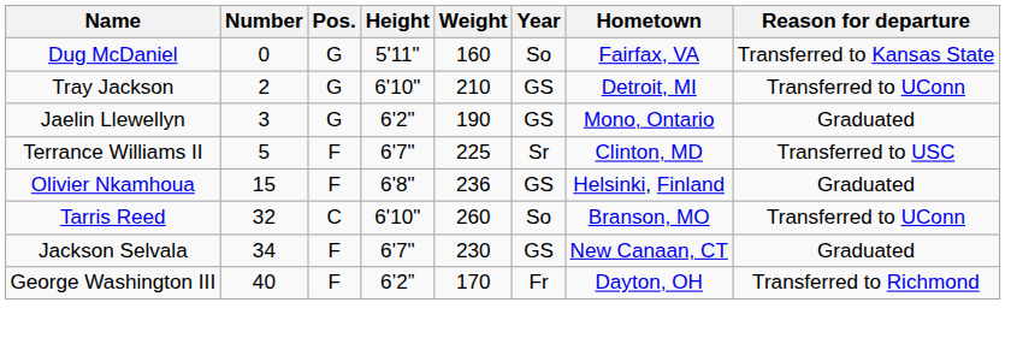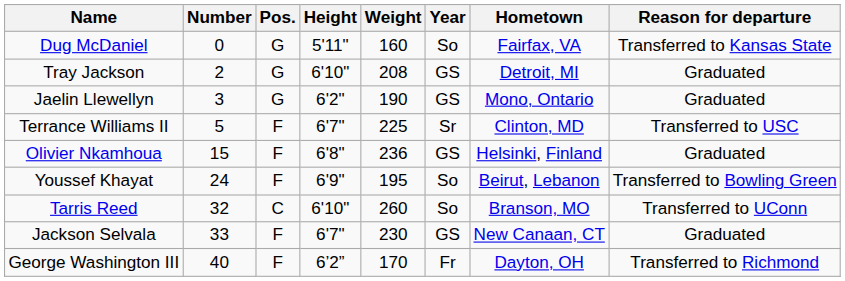 <table class="wikitable sortable sortable" style="text-align:center">
 <tr align=center>
 <th>Name</th>
 <th>Number</th>
 <th>Pos.</th>
 <th>Height</th>
 <th>Weight</th>
 <th>Year</th>
 <th>Hometown</th>
 <th class="unsortable">Reason for departure</th>
 </tr>
 <tr>
 <td><a href='#'>Dug McDaniel</a></td>
 <td>0</td>
 <td>G</td>
 <td>5'11"</td>
 <td>160</td>
 <td>So</td>
 <td><a href='#'>Fairfax, VA</a></td>
 <td>Transferred to <a href='#'>Kansas State</a></td>
 </tr>
 <tr>
 <td>Tray Jackson</td>
 <td>2</td>
 <td>G</td>
 <td>6'10"</td>
-<td>210</td>
+<td>208</td>
 <td>GS</td>
 <td><a href='#'>Detroit, MI</a></td>
-<td>Transferred to <a href='#'>UConn</a></td>
+<td>Graduated</td>
 </tr>
 <tr>
 <td>Jaelin Llewellyn</td>
 <td>3</td>
 <td>G</td>
 <td>6'2"</td>
 <td>190</td>
 <td>GS</td>
 <td><a href='#'>Mono, Ontario</a></td>
 <td>Graduated</td>
 </tr>
 <tr>
 <td>Terrance Williams II</td>
 <td>5</td>
 <td>F</td>
 <td>6'7"</td>
 <td>225</td>
 <td>Sr</td>
 <td><a href='#'>Clinton, MD</a></td>
 <td>Transferred to <a href='#'>USC</a></td>
 </tr>
 <tr>
 <td><a href='#'>Olivier Nkamhoua</a></td>
 <td>15</td>
 <td>F</td>
 <td>6'8"</td>
 <td>236</td>
 <td>GS</td>
 <td><a href='#'>Helsinki</a>, <a href='#'>Finland</a></td>
 <td>Graduated</td>
 </tr>
 <tr>
+<td>Youssef Khayat</td>
+<td>24</td>
+<td>F</td>
+<td>6'9"</td>
+<td>195</td>
+<td>So</td>
+<td><a href='#'>Beirut</a>, <a href='#'>Lebanon</a></td>
+<td>Transferred to <a href='#'>Bowling Green</a></td>
+</tr>
+<tr>
 <td><a href='#'>Tarris Reed</a></td>
 <td>32</td>
 <td>C</td>
 <td>6'10"</td>
 <td>260</td>
 <td>So</td>
 <td><a href='#'>Branson, MO</a></td>
 <td>Transferred to <a href='#'>UConn</a></td>
 </tr>
 <tr>
 <td>Jackson Selvala</td>
-<td>34</td>
+<td>33</td>
 <td>F</td>
 <td>6'7"</td>
 <td>230</td>
 <td>GS</td>
 <td><a href='#'>New Canaan, CT</a></td>
 <td>Graduated</td>
 </tr>
 <tr>
 <td>George Washington III</td>
 <td>40</td>
 <td>F</td>
 <td>6’2”</td>
 <td>170</td>
 <td>Fr</td>
 <td><a href='#'>Dayton, OH</a></td>
 <td>Transferred to <a href='#'>Richmond</a></td>
 </tr>
 </table>
